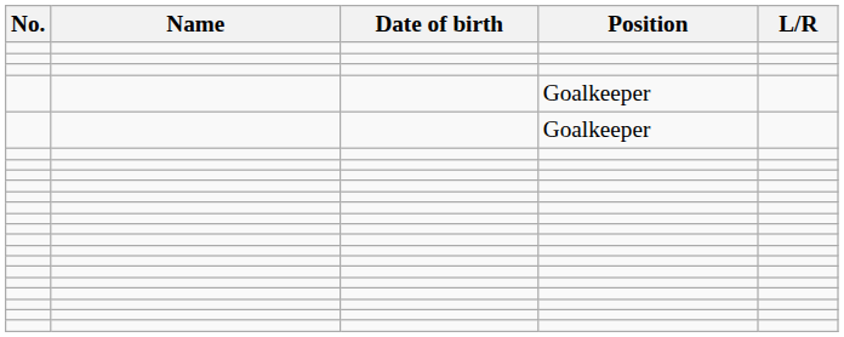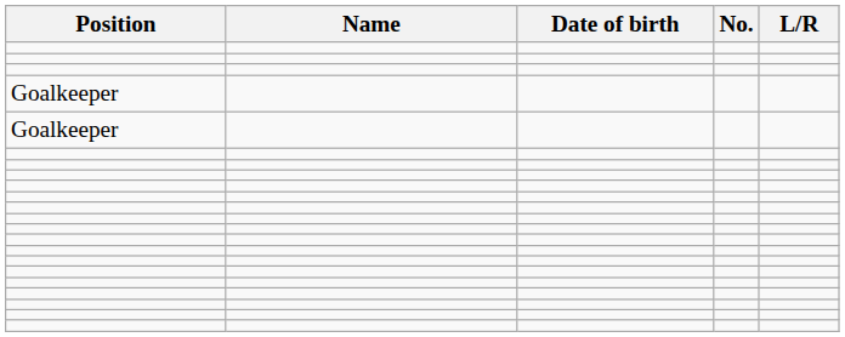 <table class="wikitable sortable" style=font-size:100%; text-align:center;>
 <tr>
-<th>No.</th>
+<th style=width:9em>Position</th>
 <th style=width:12em>Name</th>
 <th style=width:8em>Date of birth</th>
-<th style=width:9em>Position</th>
+<th>No.</th>
 <th style=width:3em>L/R</th>
 </tr>
 <tr>
 <td></td>
 <td align=left></td>
 <td align=right></td>
 <td></td>
 <td></td>
 </tr>
 <tr>
 <td></td>
 <td align=left></td>
 <td align=right></td>
 <td></td>
 <td></td>
 </tr>
 <tr>
 <td></td>
 <td align=left></td>
 <td align=right></td>
 <td></td>
 <td></td>
 </tr>
 <tr>
-<td></td>
+<td>Goalkeeper</td>
 <td align=left></td>
 <td align=right></td>
-<td>Goalkeeper</td>
+<td></td>
 <td></td>
 </tr>
 <tr>
-<td></td>
+<td>Goalkeeper</td>
 <td align=left></td>
 <td align=right></td>
-<td>Goalkeeper</td>
+<td></td>
 <td></td>
 </tr>
 <tr>
 <td></td>
 <td align=left></td>
 <td align=right></td>
 <td></td>
 <td></td>
 </tr>
 <tr>
 <td></td>
 <td align=left></td>
 <td align=right></td>
 <td></td>
 <td></td>
 </tr>
 <tr>
 <td></td>
 <td align=left></td>
 <td align=right></td>
 <td></td>
 <td></td>
 </tr>
 <tr>
 <td></td>
 <td align=left></td>
 <td align=right></td>
 <td></td>
 <td></td>
 </tr>
 <tr>
 <td></td>
 <td align=left></td>
 <td align=right></td>
 <td></td>
 <td></td>
 </tr>
 <tr>
 <td></td>
 <td align=left></td>
 <td align=right></td>
 <td></td>
 <td></td>
 </tr>
 <tr>
 <td></td>
 <td align=left></td>
 <td align=right></td>
 <td></td>
 <td></td>
 </tr>
 <tr>
 <td></td>
 <td align=left></td>
 <td align=right></td>
 <td></td>
 <td></td>
 </tr>
 <tr>
 <td></td>
 <td align=left></td>
 <td align=right></td>
 <td></td>
 <td></td>
 </tr>
 <tr>
 <td></td>
 <td align=left></td>
 <td align=right></td>
 <td></td>
 <td></td>
 </tr>
 <tr>
 <td></td>
 <td align=left></td>
 <td align=right></td>
 <td></td>
 <td></td>
 </tr>
 <tr>
 <td></td>
 <td align=left></td>
 <td align=right></td>
 <td></td>
 <td></td>
 </tr>
 <tr>
 <td></td>
 <td align=left></td>
 <td align=right></td>
 <td></td>
 <td></td>
 </tr>
 <tr>
 <td></td>
 <td align=left></td>
 <td align=right></td>
 <td></td>
 <td></td>
 </tr>
 <tr>
 <td></td>
 <td align=left></td>
 <td align=right></td>
 <td></td>
 <td></td>
 </tr>
 <tr>
 <td></td>
 <td align=left></td>
 <td align=right></td>
 <td></td>
 <td></td>
 </tr>
 <tr>
 <td></td>
 <td align=left></td>
 <td align=right></td>
 <td></td>
 <td></td>
 </tr>
 </table>
